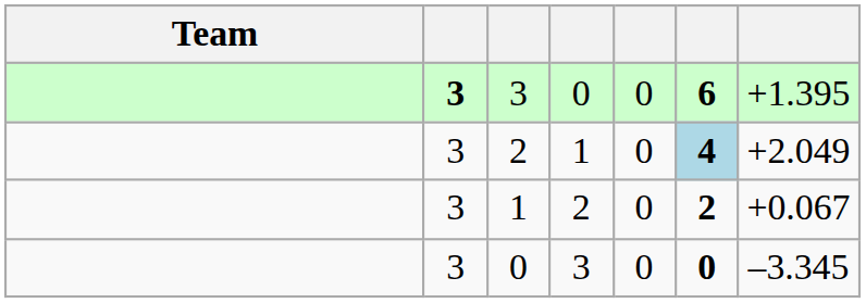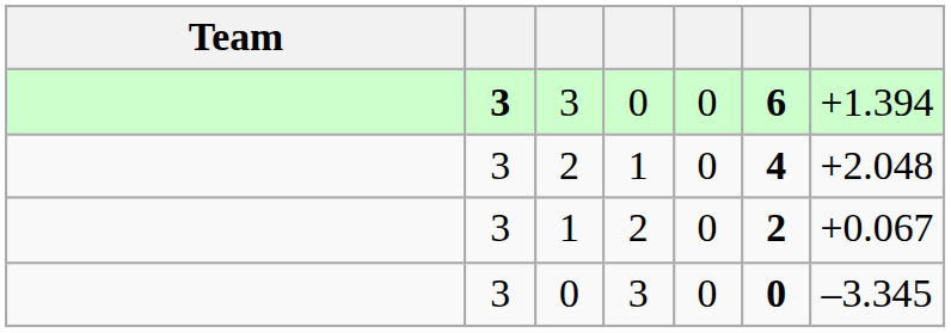 <table class="wikitable" style="text-align:center;">
 <tr>
 <th width=175>Team</th>
 <th style="width:20px;"></th>
 <th style="width:20px;"></th>
 <th style="width:20px;"></th>
 <th style="width:20px;"></th>
 <th style="width:20px;"></th>
 <th style="width:20px;"></th>
 </tr>
 <tr style="background:#cfc">
 <td align=left></td>
 <td><strong>3</strong></td>
 <td>3</td>
 <td>0</td>
 <td>0</td>
 <td><strong>6</strong></td>
-<td>+1.395</td>
+<td>+1.394</td>
 </tr>
 <tr>
 <td align=left></td>
 <td>3</td>
 <td>2</td>
 <td>1</td>
 <td>0</td>
-<td style="background: lightblue;"><strong>4</strong></td>
-<td>+2.049</td>
+<td><strong>4</strong></td>
+<td>+2.048</td>
 </tr>
 <tr>
 <td align=left></td>
 <td>3</td>
 <td>1</td>
 <td>2</td>
 <td>0</td>
 <td><strong>2</strong></td>
 <td>+0.067</td>
 </tr>
 <tr>
 <td align=left></td>
 <td>3</td>
 <td>0</td>
 <td>3</td>
 <td>0</td>
 <td><strong>0</strong></td>
 <td>–3.345</td>
 </tr>
 </table>
